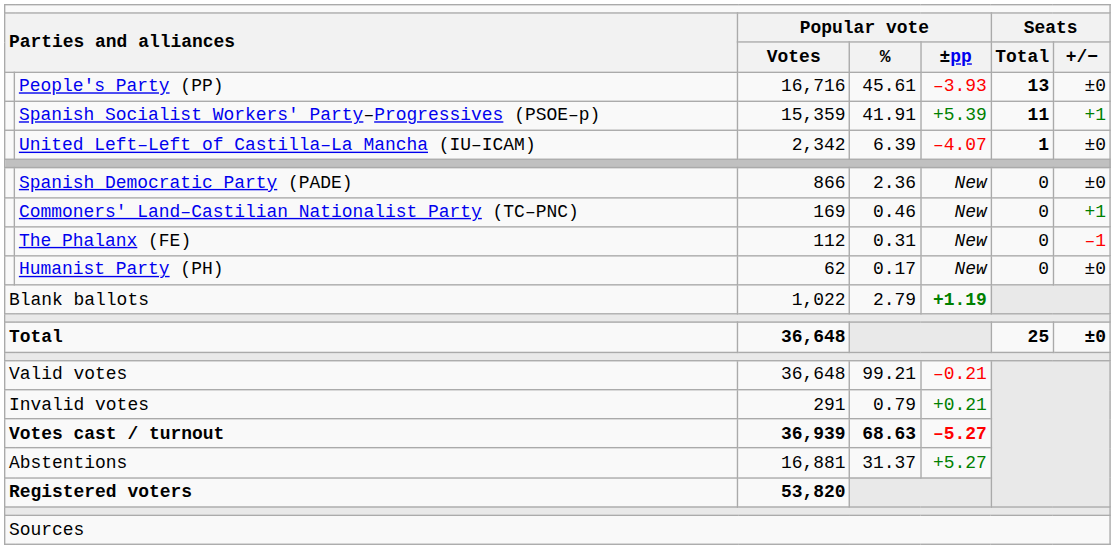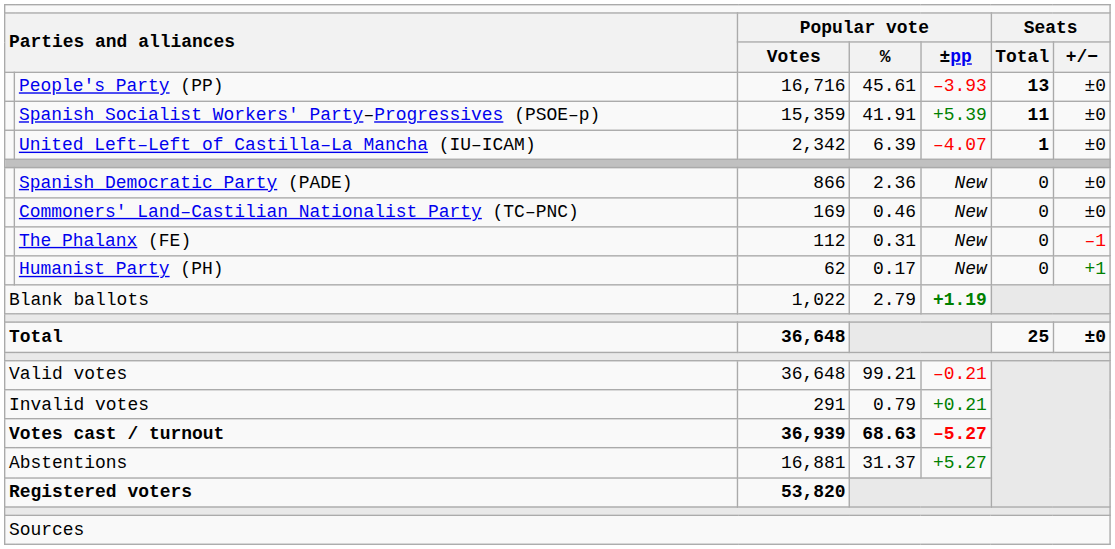 <table class="wikitable" style="text-align:right;">
 <tr>
 <td colspan="7"></td>
 </tr>
 <tr>
 <th style="text-align:left;" rowspan="2" colspan="2" width="525">Parties and alliances</th>
 <th colspan="3">Popular vote</th>
 <th colspan="2">Seats</th>
 </tr>
 <tr>
 <th width="75">Votes</th>
 <th width="45">%</th>
 <th width="45">±<a href='#'>pp</a></th>
 <th width="35">Total</th>
 <th width="35">+/−</th>
 </tr>
 <tr>
 <td width="1" style="color:inherit;background:"></td>
 <td align="left"><a href='#'>People's Party</a> (PP)</td>
 <td>16,716</td>
 <td>45.61</td>
 <td style="color:red;">–3.93</td>
 <td><strong>13</strong></td>
 <td>±0</td>
 </tr>
 <tr>
 <td style="color:inherit;background:"></td>
 <td align="left"><a href='#'>Spanish Socialist Workers' Party</a>–<a href='#'>Progressives</a> (PSOE–p)</td>
 <td>15,359</td>
 <td>41.91</td>
 <td style="color:green;">+5.39</td>
 <td><strong>11</strong></td>
-<td style="color:green;">+1</td>
+<td>±0</td>
 </tr>
 <tr>
 <td style="color:inherit;background:"></td>
 <td align="left"><a href='#'>United Left–Left of Castilla–La Mancha</a> (IU–ICAM)</td>
 <td>2,342</td>
 <td>6.39</td>
 <td style="color:red;">–4.07</td>
 <td><strong>1</strong></td>
 <td>±0</td>
 </tr>
 <tr>
 <td colspan="7" bgcolor="#C0C0C0"></td>
 </tr>
 <tr>
 <td style="color:inherit;background:"></td>
 <td align="left"><a href='#'>Spanish Democratic Party</a> (PADE)</td>
 <td>866</td>
 <td>2.36</td>
 <td><em>New</em></td>
 <td>0</td>
 <td>±0</td>
 </tr>
 <tr>
 <td style="color:inherit;background:"></td>
 <td align="left"><a href='#'>Commoners' Land–Castilian Nationalist Party</a> (TC–PNC)</td>
 <td>169</td>
 <td>0.46</td>
 <td><em>New</em></td>
 <td>0</td>
-<td style="color:green;">+1</td>
+<td>±0</td>
 </tr>
 <tr>
 <td style="color:inherit;background:"></td>
 <td align="left"><a href='#'>The Phalanx</a> (FE)</td>
 <td>112</td>
 <td>0.31</td>
 <td><em>New</em></td>
 <td>0</td>
 <td style="color:red;">–1</td>
 </tr>
 <tr>
 <td style="color:inherit;background:"></td>
 <td align="left"><a href='#'>Humanist Party</a> (PH)</td>
 <td>62</td>
 <td>0.17</td>
 <td><em>New</em></td>
 <td>0</td>
-<td>±0</td>
+<td style="color:green;">+1</td>
 </tr>
 <tr>
 <td align="left" colspan="2">Blank ballots</td>
 <td>1,022</td>
 <td>2.79</td>
 <td style="color:green;"><strong>+1.19</strong></td>
 <td bgcolor="#E9E9E9" colspan="2"></td>
 </tr>
 <tr>
 <td colspan="7" bgcolor="#E9E9E9"></td>
 </tr>
 <tr style="font-weight:bold;">
 <td align="left" colspan="2">Total</td>
 <td>36,648</td>
 <td bgcolor="#E9E9E9" colspan="2"></td>
 <td>25</td>
 <td>±0</td>
 </tr>
 <tr>
 <td colspan="7" bgcolor="#E9E9E9"></td>
 </tr>
 <tr>
 <td align="left" colspan="2">Valid votes</td>
 <td>36,648</td>
 <td>99.21</td>
 <td style="color:red;">–0.21</td>
 <td bgcolor="#E9E9E9" colspan="2" rowspan="5"></td>
 </tr>
 <tr>
 <td align="left" colspan="2">Invalid votes</td>
 <td>291</td>
 <td>0.79</td>
 <td style="color:green;">+0.21</td>
 </tr>
 <tr style="font-weight:bold;">
 <td align="left" colspan="2">Votes cast / turnout</td>
 <td>36,939</td>
 <td>68.63</td>
 <td style="color:red;">–5.27</td>
 </tr>
 <tr>
 <td align="left" colspan="2">Abstentions</td>
 <td>16,881</td>
 <td>31.37</td>
 <td style="color:green;">+5.27</td>
 </tr>
 <tr style="font-weight:bold;">
 <td align="left" colspan="2">Registered voters</td>
 <td>53,820</td>
 <td bgcolor="#E9E9E9" colspan="2"></td>
 </tr>
 <tr>
 <td colspan="7" bgcolor="#E9E9E9"></td>
 </tr>
 <tr>
 <td align="left" colspan="7">Sources</td>
 </tr>
 </table>
